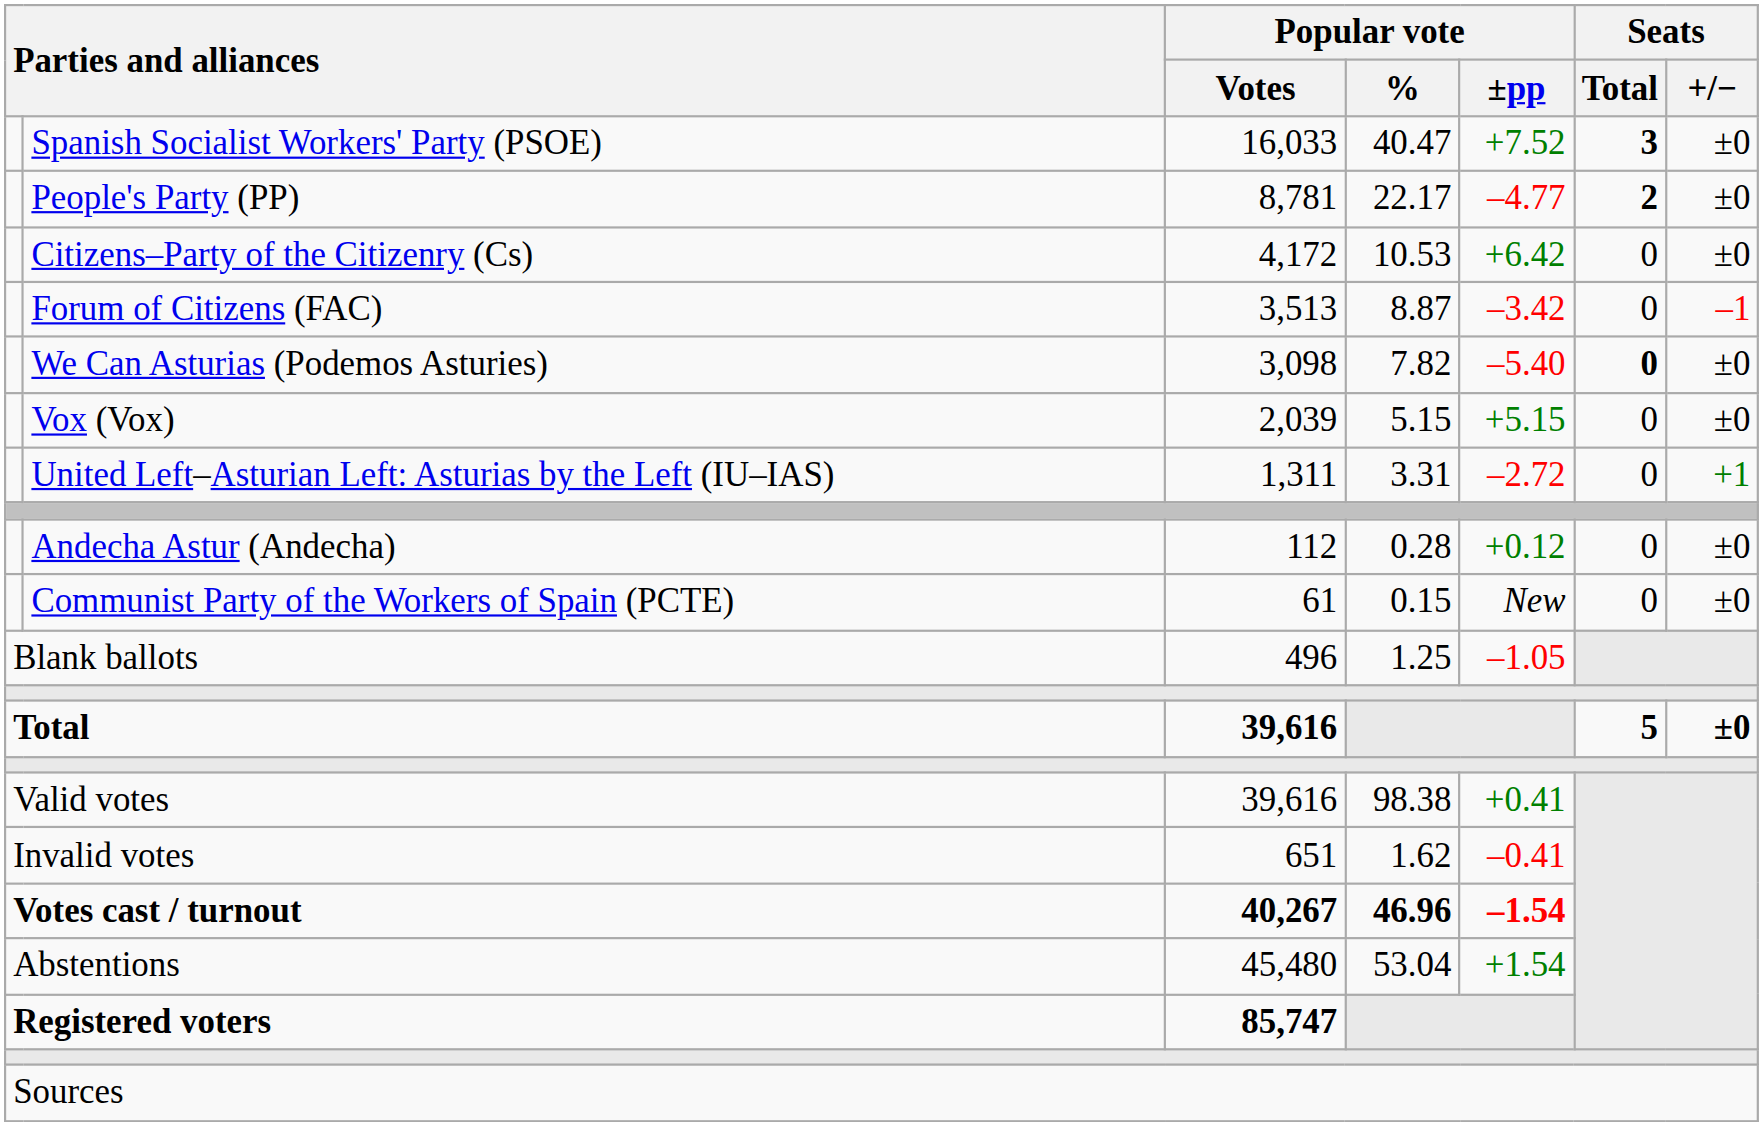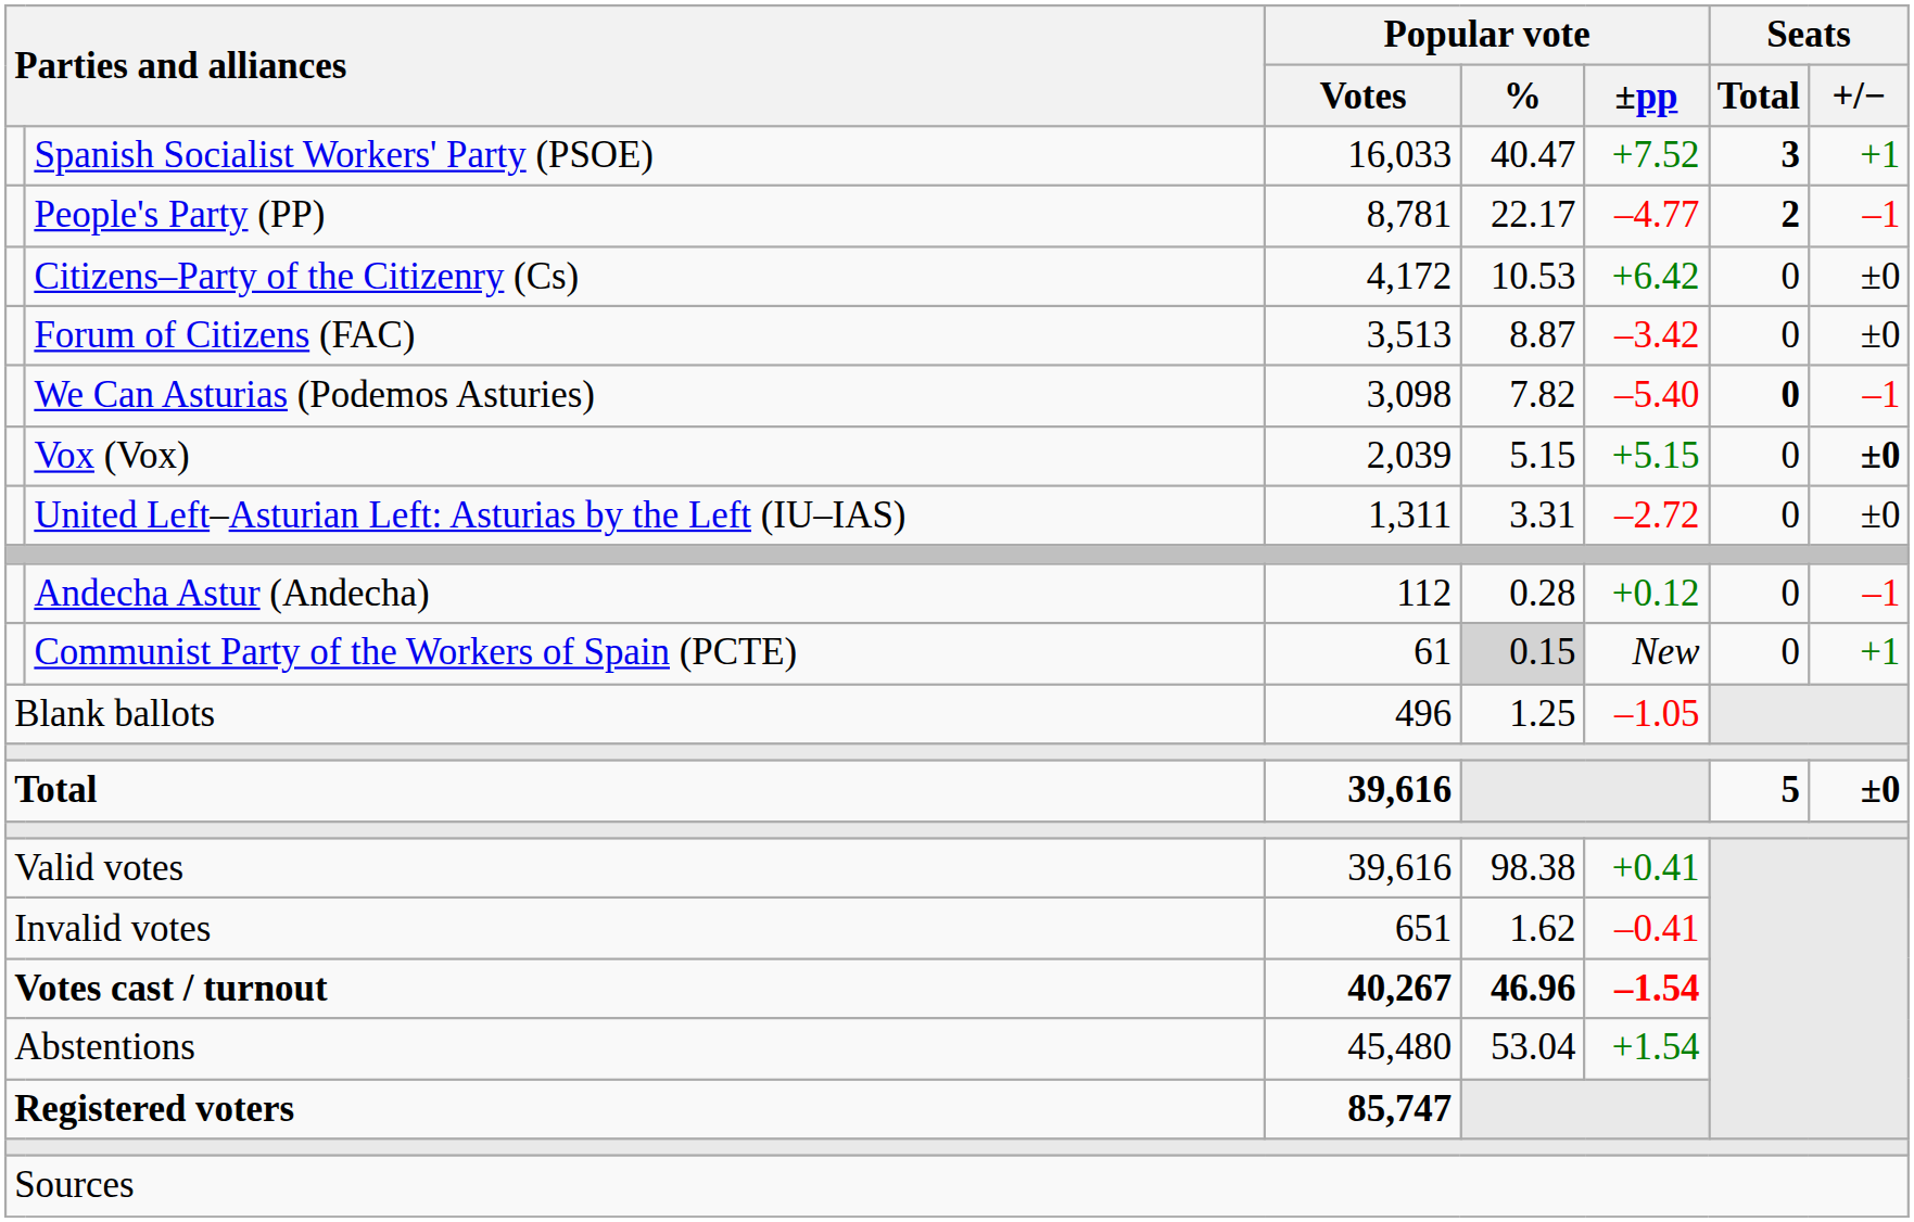 <table class="wikitable" style="text-align:right;">
 <tr>
 <th style="text-align:left;" rowspan="2" colspan="2" width="525">Parties and alliances</th>
 <th colspan="3">Popular vote</th>
 <th colspan="2">Seats</th>
 </tr>
 <tr>
 <th width="75">Votes</th>
 <th width="45">%</th>
 <th width="45">±<a href='#'>pp</a></th>
 <th width="35">Total</th>
 <th width="35">+/−</th>
 </tr>
 <tr>
 <td width="1" style="color:inherit;background:"></td>
 <td align="left"><a href='#'>Spanish Socialist Workers' Party</a> (PSOE)</td>
 <td>16,033</td>
 <td>40.47</td>
 <td style="color:green;">+7.52</td>
 <td><strong>3</strong></td>
-<td>±0</td>
+<td style="color:green;">+1</td>
 </tr>
 <tr>
 <td style="color:inherit;background:"></td>
 <td align="left"><a href='#'>People's Party</a> (PP)</td>
 <td>8,781</td>
 <td>22.17</td>
 <td style="color:red;">–4.77</td>
 <td><strong>2</strong></td>
-<td>±0</td>
+<td style="color:red;">–1</td>
 </tr>
 <tr>
 <td style="color:inherit;background:"></td>
 <td align="left"><a href='#'>Citizens–Party of the Citizenry</a> (Cs)</td>
 <td>4,172</td>
 <td>10.53</td>
 <td style="color:green;">+6.42</td>
 <td>0</td>
 <td>±0</td>
 </tr>
 <tr>
 <td style="color:inherit;background:"></td>
 <td align="left"><a href='#'>Forum of Citizens</a> (FAC)</td>
 <td>3,513</td>
 <td>8.87</td>
 <td style="color:red;">–3.42</td>
 <td>0</td>
-<td style="color:red;">–1</td>
+<td>±0</td>
 </tr>
 <tr>
 <td style="color:inherit;background:"></td>
 <td align="left"><a href='#'>We Can Asturias</a> (Podemos Asturies)</td>
 <td>3,098</td>
 <td>7.82</td>
 <td style="color:red;">–5.40</td>
 <td><strong>0</strong></td>
-<td>±0</td>
+<td style="color:red;">–1</td>
 </tr>
 <tr>
 <td style="color:inherit;background:"></td>
 <td align="left"><a href='#'>Vox</a> (Vox)</td>
 <td>2,039</td>
 <td>5.15</td>
 <td style="color:green;">+5.15</td>
 <td>0</td>
-<td>±0</td>
+<td><strong>±0</strong></td>
 </tr>
 <tr>
 <td style="color:inherit;background:"></td>
 <td align="left"><a href='#'>United Left</a>–<a href='#'>Asturian Left: Asturias by the Left</a> (IU–IAS)</td>
 <td>1,311</td>
 <td>3.31</td>
 <td style="color:red;">–2.72</td>
 <td>0</td>
-<td style="color:green;">+1</td>
+<td>±0</td>
 </tr>
 <tr>
 <td colspan="7" bgcolor="#C0C0C0"></td>
 </tr>
 <tr>
 <td style="color:inherit;background:"></td>
 <td align="left"><a href='#'>Andecha Astur</a> (Andecha)</td>
 <td>112</td>
 <td>0.28</td>
 <td style="color:green;">+0.12</td>
 <td>0</td>
-<td>±0</td>
+<td style="color:red;">–1</td>
 </tr>
 <tr>
 <td style="color:inherit;background:"></td>
 <td align="left"><a href='#'>Communist Party of the Workers of Spain</a> (PCTE)</td>
 <td>61</td>
-<td>0.15</td>
+<td style="background: lightgrey;">0.15</td>
 <td><em>New</em></td>
 <td>0</td>
-<td>±0</td>
+<td style="color:green;">+1</td>
 </tr>
 <tr>
 <td align="left" colspan="2">Blank ballots</td>
 <td>496</td>
 <td>1.25</td>
 <td style="color:red;">–1.05</td>
 <td bgcolor="#E9E9E9" colspan="2"></td>
 </tr>
 <tr>
 <td colspan="7" bgcolor="#E9E9E9"></td>
 </tr>
 <tr style="font-weight:bold;">
 <td align="left" colspan="2">Total</td>
 <td>39,616</td>
 <td bgcolor="#E9E9E9" colspan="2"></td>
 <td>5</td>
 <td>±0</td>
 </tr>
 <tr>
 <td colspan="7" bgcolor="#E9E9E9"></td>
 </tr>
 <tr>
 <td align="left" colspan="2">Valid votes</td>
 <td>39,616</td>
 <td>98.38</td>
 <td style="color:green;">+0.41</td>
 <td bgcolor="#E9E9E9" colspan="2" rowspan="5"></td>
 </tr>
 <tr>
 <td align="left" colspan="2">Invalid votes</td>
 <td>651</td>
 <td>1.62</td>
 <td style="color:red;">–0.41</td>
 </tr>
 <tr style="font-weight:bold;">
 <td align="left" colspan="2">Votes cast / turnout</td>
 <td>40,267</td>
 <td>46.96</td>
 <td style="color:red;">–1.54</td>
 </tr>
 <tr>
 <td align="left" colspan="2">Abstentions</td>
 <td>45,480</td>
 <td>53.04</td>
 <td style="color:green;">+1.54</td>
 </tr>
 <tr style="font-weight:bold;">
 <td align="left" colspan="2">Registered voters</td>
 <td>85,747</td>
 <td bgcolor="#E9E9E9" colspan="2"></td>
 </tr>
 <tr>
 <td colspan="7" bgcolor="#E9E9E9"></td>
 </tr>
 <tr>
 <td align="left" colspan="7">Sources</td>
 </tr>
 </table>
